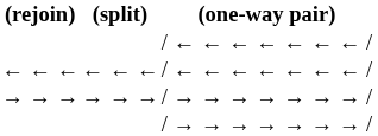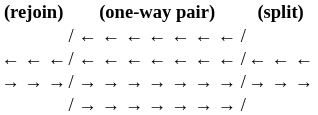 <table table border=0 cellspacing=0>
 <tr>
 <th>(rejoin)</th>
+<th>(one-way pair)</th>
 <th>(split)</th>
-<th>(one-way pair)</th>
 </tr>
 <tr>
 <td></td>
+<td>/ ← ← ← ← ← ← ← /</td>
 <td></td>
-<td>/ ← ← ← ← ← ← ← /</td>
 </tr>
 <tr>
 <td>← ← ←</td>
+<td>/ ← ← ← ← ← ← ← /</td>
 <td>← ← ←</td>
-<td>/ ← ← ← ← ← ← ← /</td>
 </tr>
 <tr>
 <td>→ → →</td>
+<td>/ → → → → → → → /</td>
 <td>→ → →</td>
-<td>/ → → → → → → → /</td>
 </tr>
 <tr>
 <td></td>
+<td>/ → → → → → → → /</td>
 <td></td>
-<td>/ → → → → → → → /</td>
 </tr>
 </table>
